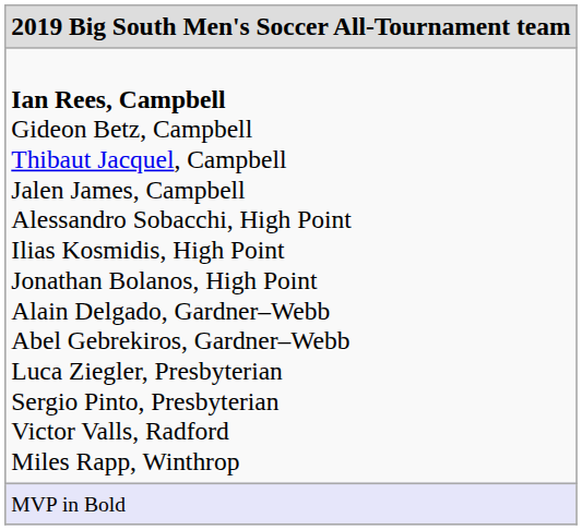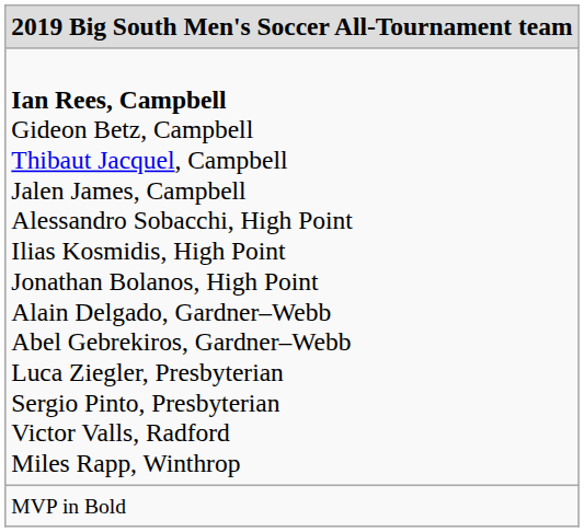 <table class="wikitable" style="white-space:nowrap; font-size:90%;">
 <tr>
 <td colspan="7" style="text-align:center; background:#ddd;"><strong>2019 Big South Men's Soccer All-Tournament team</strong></td>
 </tr>
 <tr>
 <td><br><strong>Ian Rees, Campbell</strong><br> Gideon Betz, Campbell<br> <a href='#'>Thibaut Jacquel</a>, Campbell<br> Jalen James, Campbell<br> Alessandro Sobacchi, High Point<br> Ilias Kosmidis, High Point<br> Jonathan Bolanos, High Point<br> Alain Delgado, Gardner–Webb<br> Abel Gebrekiros, Gardner–Webb<br> Luca Ziegler, Presbyterian<br> Sergio Pinto, Presbyterian<br> Victor Valls, Radford<br> Miles Rapp, Winthrop</td>
 </tr>
 <tr>
-<td style="background: lavender;"><small>MVP in Bold</small></td>
+<td><small>MVP in Bold</small></td>
 </tr>
 </table>
